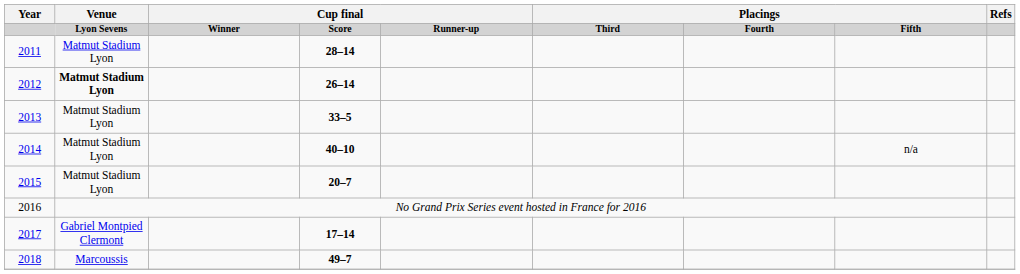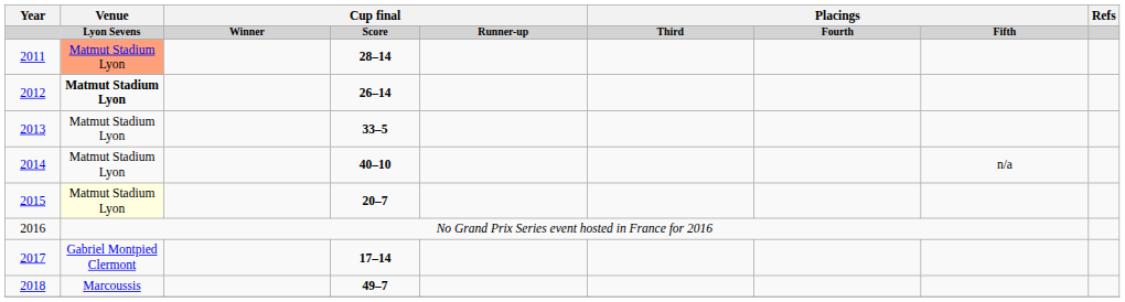 <table class="wikitable" style="font-size:90%; width: 100%; text-align: center;">
 <tr>
 <th width=5%>Year</th>
 <th>Venue</th>
 <th colspan=3>Cup final</th>
 <th colspan=3>Placings</th>
 <th>Refs</th>
 </tr>
 <tr bgcolor=lightgrey style="line-height:9px; font-size:85%; padding:0px;">
 <td style="border-right:0px;"></td>
 <td style="border-left:0px; font-weight:bold;"><span>Lyon Sevens</span></td>
 <td width=15% style="font-weight:bold;">Winner</td>
 <td width=8%  style="font-weight:bold;">Score</td>
 <td width=15% style="font-weight:bold;">Runner-up</td>
 <td width=15% style="font-weight:bold;">Third</td>
 <td width=15% style="font-weight:bold;">Fourth</td>
 <td width=15% style="font-weight:bold;">Fifth</td>
 <td></td>
 </tr>
 <tr>
 <td><a href='#'>2011</a></td>
-<td><a href='#'>Matmut Stadium</a><br>  Lyon</td>
+<td style="background: lightsalmon;"><a href='#'>Matmut Stadium</a><br>  Lyon</td>
 <td><strong></strong></td>
 <td><strong>28–14</strong></td>
 <td></td>
 <td></td>
 <td></td>
 <td></td>
 <td></td>
 </tr>
 <tr>
 <td><a href='#'>2012</a></td>
 <td><strong>Matmut Stadium <br> Lyon</strong></td>
 <td><strong></strong></td>
 <td><strong>26–14</strong></td>
 <td></td>
 <td></td>
 <td></td>
 <td></td>
 <td></td>
 </tr>
 <tr>
 <td><a href='#'>2013</a></td>
 <td>Matmut Stadium <br> Lyon</td>
 <td><strong></strong></td>
 <td><strong>33–5</strong></td>
 <td></td>
 <td></td>
 <td></td>
 <td></td>
 <td></td>
 </tr>
 <tr>
 <td><a href='#'>2014</a></td>
 <td>Matmut Stadium <br> Lyon</td>
 <td><strong></strong></td>
 <td><strong>40–10</strong></td>
 <td></td>
 <td></td>
 <td></td>
 <td>n/a</td>
 <td></td>
 </tr>
 <tr>
 <td><a href='#'>2015</a></td>
-<td>Matmut Stadium <br> Lyon</td>
+<td style="background: lightyellow;">Matmut Stadium <br> Lyon</td>
 <td><strong></strong></td>
 <td><strong>20–7</strong></td>
 <td></td>
 <td></td>
 <td></td>
 <td></td>
 <td></td>
 </tr>
 <tr>
 <td>2016</td>
 <td colspan=7 align=center><em>No Grand Prix Series event hosted in France for 2016</em></td>
 <td></td>
 </tr>
 <tr>
 <td><a href='#'>2017</a></td>
 <td><a href='#'>Gabriel Montpied</a> <br> <a href='#'>Clermont</a></td>
 <td><strong></strong></td>
 <td><strong>17–14</strong></td>
 <td></td>
 <td></td>
 <td></td>
 <td></td>
 <td></td>
 </tr>
 <tr>
 <td><a href='#'>2018</a></td>
 <td><a href='#'>Marcoussis</a></td>
 <td><strong></strong></td>
 <td><strong>49–7</strong></td>
 <td></td>
 <td></td>
 <td></td>
 <td></td>
 <td></td>
 </tr>
 <tr>
 </tr>
 </table>
